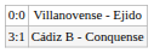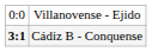 <table class="wikitable">
 <tr align=center bgcolor=white>
 <td>0:0</td>
 <td>Villanovense - Ejido</td>
 </tr>
 <tr align=center bgcolor=#F5F5F5>
-<td>3:1</td>
+<td><strong>3:1</strong></td>
 <td>Cádiz B - Conquense</td>
 </tr>
 </table>
